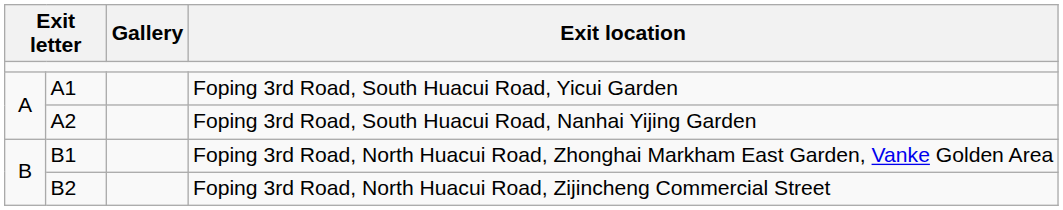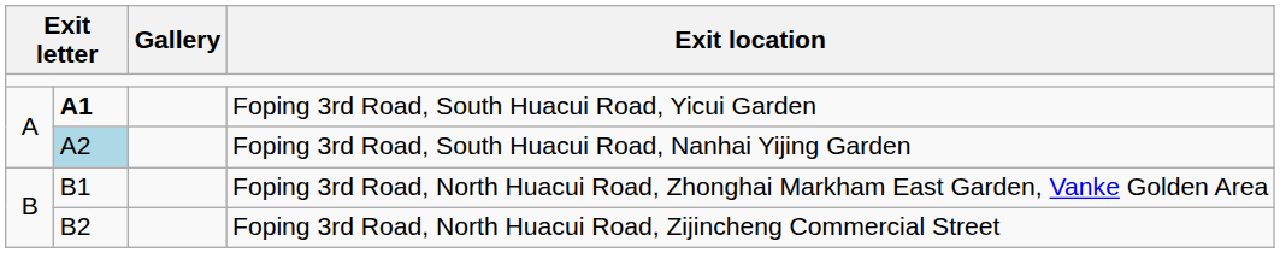 <table class="wikitable">
 <tr>
 <th colspan=2 style="width:70px">Exit letter</th>
 <th>Gallery</th>
 <th>Exit location</th>
 </tr>
 <tr style="background:#">
 <td colspan="4"></td>
 </tr>
 <tr>
 <td rowspan=2 align=center>A</td>
-<td>A1</td>
+<td><strong>A1</strong></td>
 <td></td>
 <td>Foping 3rd Road, South Huacui Road, Yicui Garden</td>
 </tr>
 <tr>
-<td>A2</td>
+<td style="background: lightblue;">A2</td>
 <td></td>
 <td>Foping 3rd Road, South Huacui Road, Nanhai Yijing Garden</td>
 </tr>
 <tr>
 <td rowspan=2 align=center>B</td>
 <td>B1</td>
 <td></td>
 <td>Foping 3rd Road, North Huacui Road, Zhonghai Markham East Garden, <a href='#'>Vanke</a> Golden Area</td>
 </tr>
 <tr>
 <td>B2</td>
 <td></td>
 <td>Foping 3rd Road, North Huacui Road, Zijincheng Commercial Street</td>
 </tr>
 </table>
